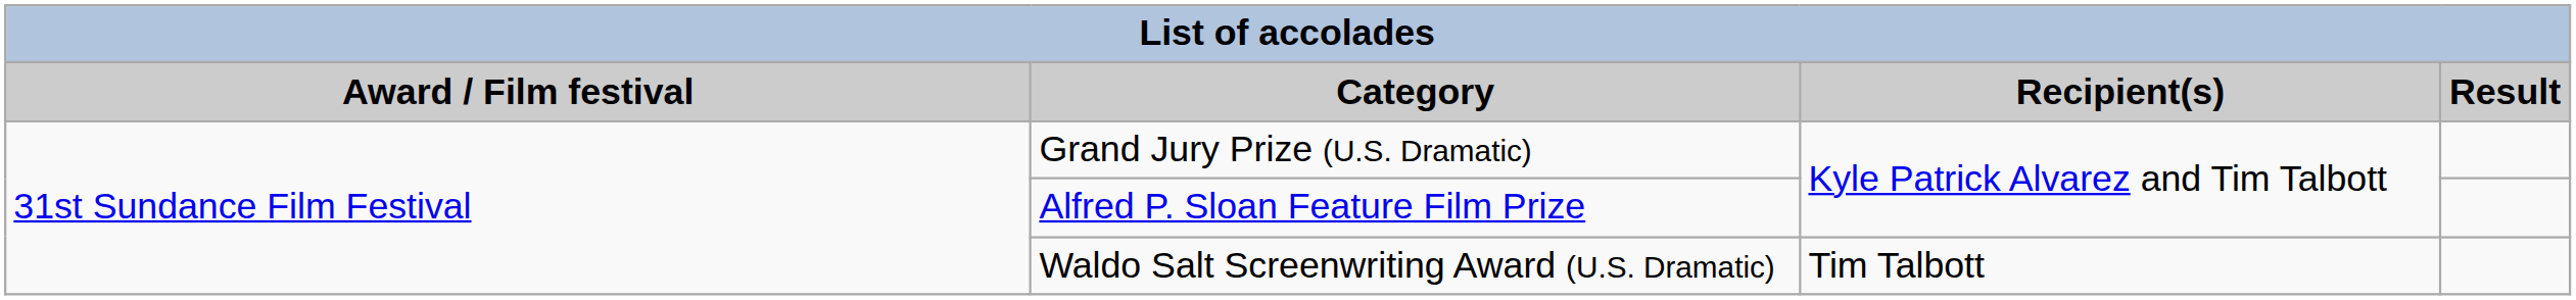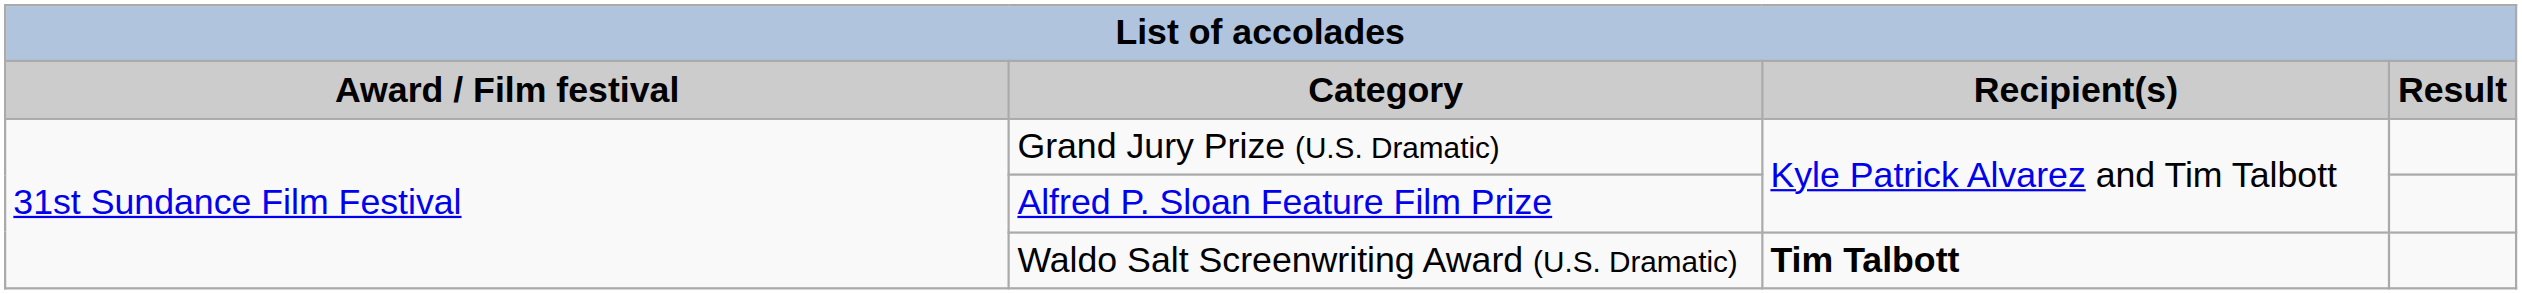 <table class="wikitable">
 <tr style="text-align:center;">
 <th colspan=4 style="background:#B0C4DE;">List of accolades</th>
 </tr>
 <tr style="text-align:center;">
 <th style="background:#ccc; width:40%;">Award / Film festival</th>
 <th style="background:#ccc; width:30%;">Category</th>
 <th style="background:#ccc; width:25%;">Recipient(s)</th>
 <th style="background:#ccc; width:15%;">Result</th>
 </tr>
 <tr>
 <td rowspan="3"><a href='#'>31st Sundance Film Festival</a></td>
 <td>Grand Jury Prize <small>(U.S. Dramatic)</small></td>
 <td rowspan="2"><a href='#'>Kyle Patrick Alvarez</a> and Tim Talbott</td>
 <td></td>
 </tr>
 <tr>
 <td><a href='#'>Alfred P. Sloan Feature Film Prize</a></td>
 <td></td>
 </tr>
 <tr>
 <td>Waldo Salt Screenwriting Award <small>(U.S. Dramatic)</small></td>
-<td>Tim Talbott</td>
+<td><strong>Tim Talbott</strong></td>
 <td></td>
 </tr>
 </table>
